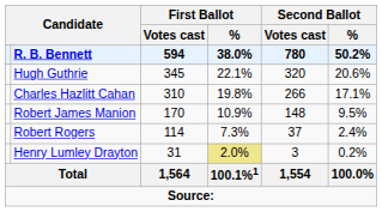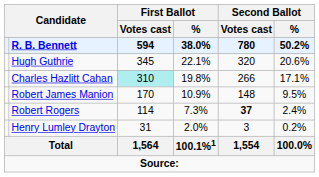 <table class="wikitable">
 <tr>
 <th rowspan="2" colspan="2">Candidate</th>
 <th colspan = "2">First Ballot</th>
 <th colspan = "2">Second Ballot</th>
 </tr>
 <tr>
 <th>Votes cast</th>
 <th>%</th>
 <th>Votes cast</th>
 <th>%</th>
 </tr>
 <tr style="background:#E6F2FF">
 <td></td>
 <td><strong><a href='#'>R. B. Bennett</a></strong></td>
 <td align = "center"><strong>594</strong></td>
 <td align = "center"><strong>38.0%</strong></td>
 <td align = "center"><strong>780</strong></td>
 <td align = "center"><strong>50.2%</strong></td>
 </tr>
 <tr>
 <td></td>
 <td><a href='#'>Hugh Guthrie</a></td>
 <td align = "center">345</td>
 <td align = "center">22.1%</td>
 <td align = "center">320</td>
 <td align = "center">20.6%</td>
 </tr>
 <tr>
 <td></td>
 <td><a href='#'>Charles Hazlitt Cahan</a></td>
-<td align = "center">310</td>
+<td align = "center" style="background: paleturquoise;">310</td>
 <td align = "center">19.8%</td>
 <td align = "center">266</td>
 <td align = "center">17.1%</td>
 </tr>
 <tr>
 <td></td>
 <td><a href='#'>Robert James Manion</a></td>
 <td align = "center">170</td>
 <td align = "center">10.9%</td>
 <td align = "center">148</td>
 <td align = "center">9.5%</td>
 </tr>
 <tr>
 <td></td>
 <td><a href='#'>Robert Rogers</a></td>
 <td align = "center">114</td>
 <td align = "center">7.3%</td>
-<td align = "center">37</td>
+<td align = "center"><strong>37</strong></td>
 <td align = "center">2.4%</td>
 </tr>
 <tr>
 <td></td>
 <td><a href='#'>Henry Lumley Drayton</a></td>
 <td align = "center">31</td>
-<td align = "center" style="background: khaki;">2.0%</td>
+<td align = "center">2.0%</td>
 <td align = "center">3</td>
 <td align = "center">0.2%</td>
 </tr>
 <tr>
 <th colspan = "2">Total</th>
 <th>1,564</th>
 <th>100.1%<sup>1</sup></th>
 <th>1,554</th>
 <th>100.0%</th>
 </tr>
 <tr>
 <td align="center" colspan=6><strong>Source:</strong>  </td>
 </tr>
 </table>
